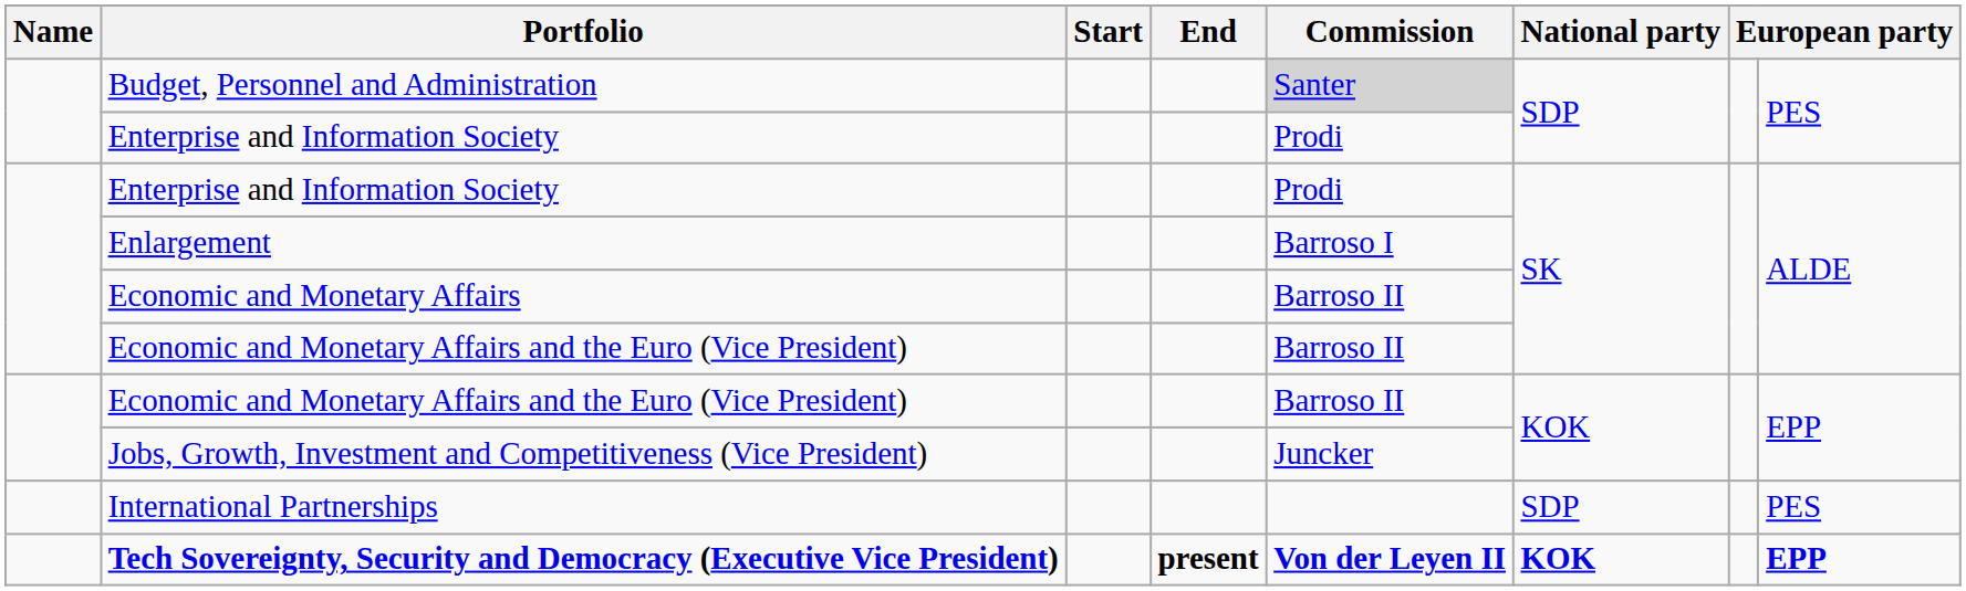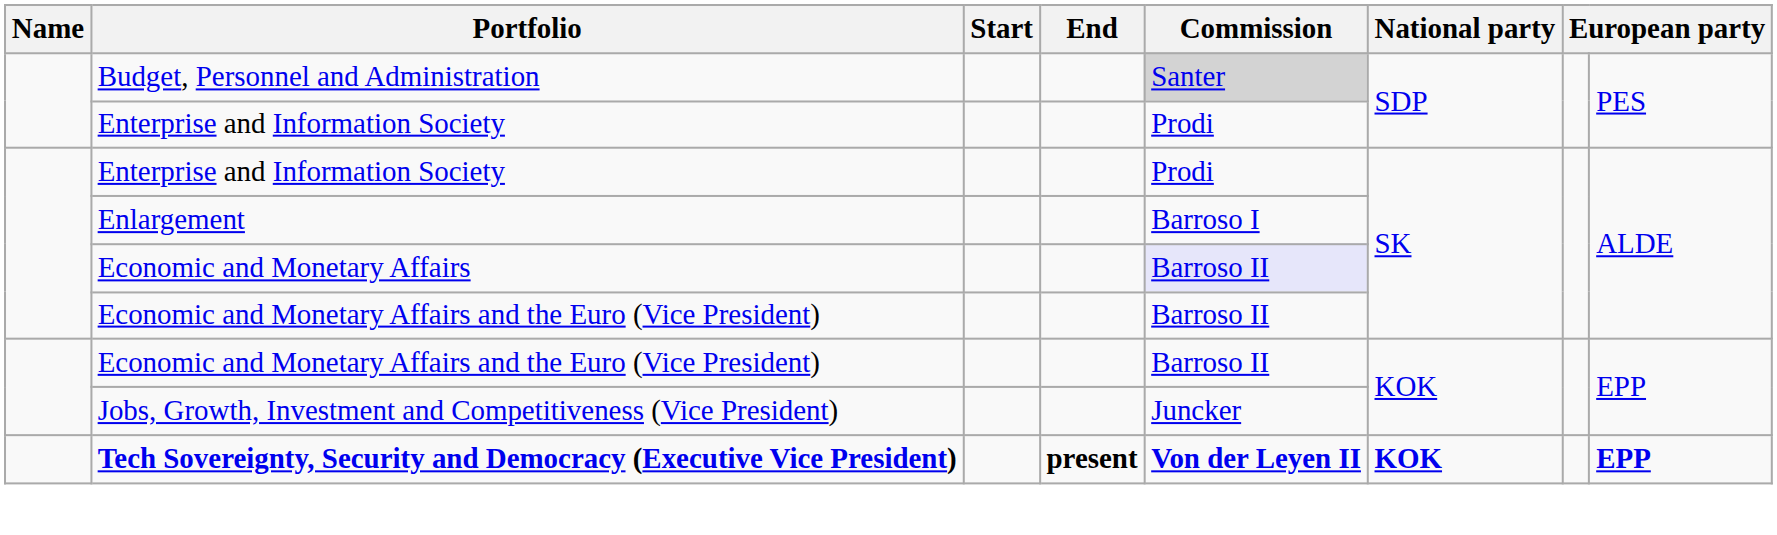 <table class="wikitable sortable" style="font-size: 90%;">
 <tr>
 <th>Name</th>
 <th>Portfolio</th>
 <th>Start</th>
 <th>End</th>
 <th>Commission</th>
 <th>National party</th>
 <th colspan=2>European party</th>
 </tr>
 <tr>
 <td rowspan=2></td>
 <td><a href='#'>Budget</a>, <a href='#'>Personnel and Administration</a></td>
 <td></td>
 <td></td>
 <td style="background: lightgrey;"><a href='#'>Santer</a></td>
 <td rowspan=2><a href='#'>SDP</a></td>
 <td rowspan=2 style="background:"></td>
 <td rowspan=2><a href='#'>PES</a></td>
 </tr>
 <tr>
 <td><a href='#'>Enterprise</a> and <a href='#'>Information Society</a></td>
 <td></td>
 <td></td>
 <td><a href='#'>Prodi</a></td>
 </tr>
 <tr>
 <td rowspan=4></td>
 <td><a href='#'>Enterprise</a> and <a href='#'>Information Society</a></td>
 <td></td>
 <td></td>
 <td><a href='#'>Prodi</a></td>
 <td rowspan=4><a href='#'>SK</a></td>
 <td rowspan=4 style="background:"></td>
 <td rowspan=4><a href='#'>ALDE</a></td>
 </tr>
 <tr>
 <td><a href='#'>Enlargement</a></td>
 <td></td>
 <td></td>
 <td><a href='#'>Barroso I</a></td>
 </tr>
 <tr>
 <td><a href='#'>Economic and Monetary Affairs</a></td>
 <td></td>
 <td></td>
-<td><a href='#'>Barroso II</a></td>
+<td style="background: lavender;"><a href='#'>Barroso II</a></td>
 </tr>
 <tr>
 <td><a href='#'>Economic and Monetary Affairs and the Euro</a> (<a href='#'>Vice President</a>)</td>
 <td></td>
 <td></td>
 <td><a href='#'>Barroso II</a></td>
 </tr>
 <tr>
 <td rowspan=2></td>
 <td><a href='#'>Economic and Monetary Affairs and the Euro</a> (<a href='#'>Vice President</a>)</td>
 <td></td>
 <td></td>
 <td><a href='#'>Barroso II</a></td>
 <td rowspan=2><a href='#'>KOK</a></td>
 <td rowspan=2 style="background:"></td>
 <td rowspan=2><a href='#'>EPP</a></td>
 </tr>
 <tr>
 <td><a href='#'>Jobs, Growth, Investment and Competitiveness</a> (<a href='#'>Vice President</a>)</td>
 <td></td>
 <td></td>
 <td><a href='#'>Juncker</a></td>
 </tr>
 <tr>
-<td></td>
-<td><a href='#'>International Partnerships</a></td>
-<td></td>
-<td></td>
-<td></td>
-<td><a href='#'>SDP</a></td>
-<td style="background:"></td>
-<td><a href='#'>PES</a></td>
-</tr>
-<tr>
 <td><strong></strong></td>
 <td><strong><a href='#'>Tech Sovereignty, Security and Democracy</a> (<a href='#'>Executive Vice President</a>)</strong></td>
 <td><strong></strong></td>
 <td><strong>present</strong></td>
 <td><strong><a href='#'>Von der Leyen II</a></strong></td>
 <td rowspan=2><strong><a href='#'>KOK</a></strong></td>
 <td rowspan=2 style="background:"></td>
 <td rowspan=2><strong><a href='#'>EPP</a></strong></td>
 </tr>
 </table>
